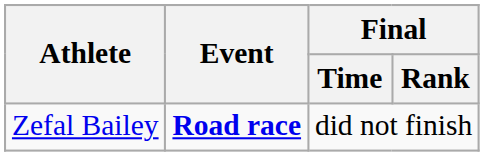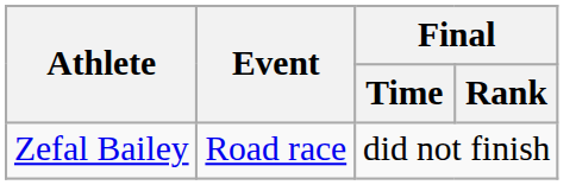 <table class="wikitable" border="1" style="font-size:90%">
 <tr>
 <th rowspan=2>Athlete</th>
 <th rowspan=2>Event</th>
 <th colspan=2>Final</th>
 </tr>
 <tr>
 <th>Time</th>
 <th>Rank</th>
 </tr>
 <tr align=center>
 <td align=left><a href='#'>Zefal Bailey</a></td>
-<td align=left><strong><a href='#'>Road race</a></strong></td>
+<td align=left><a href='#'>Road race</a></td>
 <td colspan=2>did not finish</td>
 </tr>
 </table>
